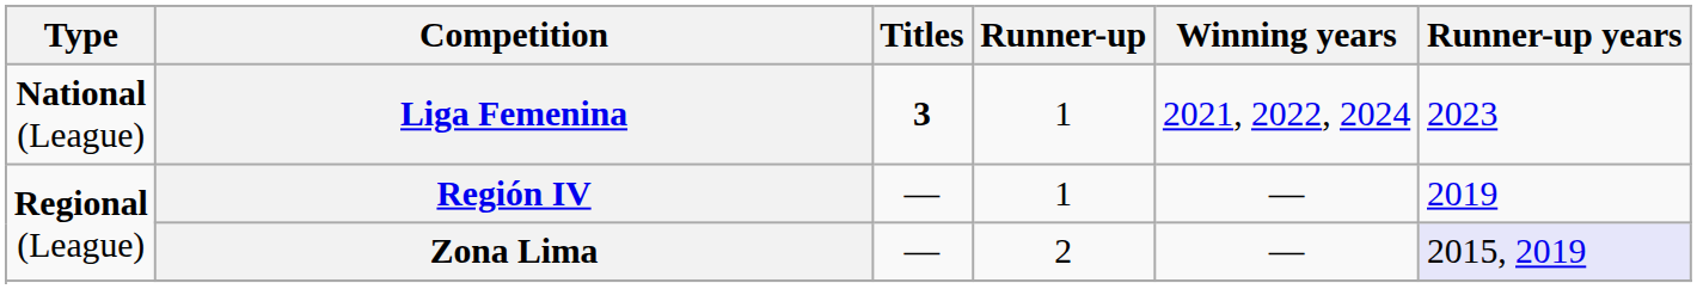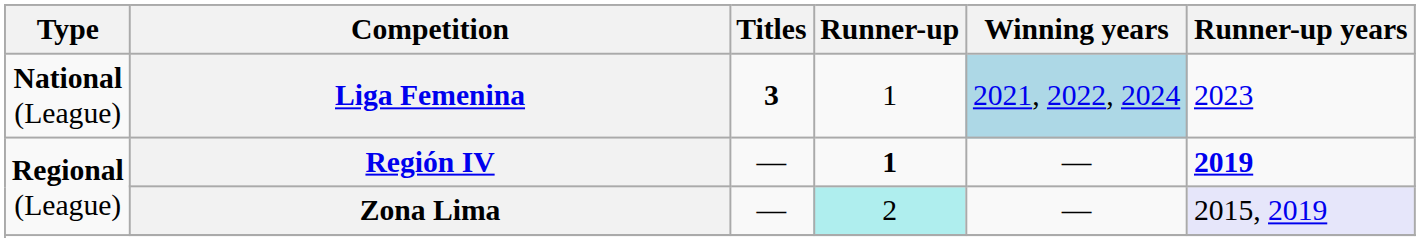 <table class="wikitable plainrowheaders" style="font-size:95%; text-align:center;">
 <tr>
 <th>Type</th>
 <th width="300px">Competition</th>
 <th>Titles</th>
 <th>Runner-up</th>
 <th>Winning years</th>
 <th>Runner-up years</th>
 </tr>
 <tr>
 <td rowspan="1"><strong>National</strong><br>(League)</td>
 <th scope="col"><a href='#'>Liga Femenina</a></th>
 <td><strong>3</strong></td>
 <td>1</td>
-<td align="left"><a href='#'>2021</a>, <a href='#'>2022</a>, <a href='#'>2024</a></td>
+<td align="left" style="background: lightblue;"><a href='#'>2021</a>, <a href='#'>2022</a>, <a href='#'>2024</a></td>
 <td align="left"><a href='#'>2023</a></td>
 </tr>
 <tr>
 <td rowspan="3"><strong>Regional</strong><br>(League)</td>
 <th scope="col"><a href='#'>Región IV</a></th>
 <td style="text-align:center;">—</td>
-<td>1</td>
+<td><strong>1</strong></td>
 <td style="text-align:center;">—</td>
-<td align="left"><a href='#'>2019</a></td>
+<td align="left"><strong><a href='#'>2019</a></strong></td>
 </tr>
 <tr>
 <th scope="col">Zona Lima</th>
 <td style="text-align:center;">—</td>
-<td>2</td>
+<td style="background: paleturquoise;">2</td>
 <td style="text-align:center;">—</td>
 <td align="left" style="background: lavender;">2015, <a href='#'>2019</a></td>
 </tr>
 <tr>
 </tr>
 </table>
